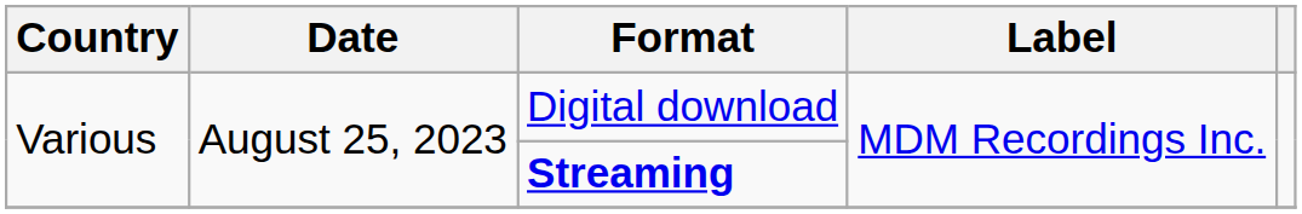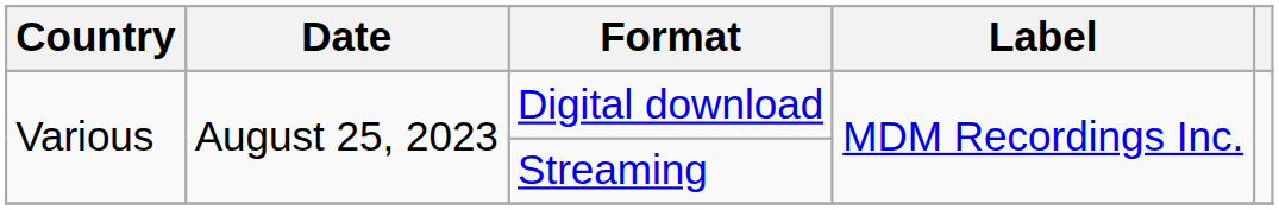 <table class="wikitable">
 <tr>
 <th>Country</th>
 <th>Date</th>
 <th>Format</th>
 <th>Label</th>
 <th></th>
 </tr>
 <tr>
 <td rowspan="2">Various</td>
 <td rowspan="2">August 25, 2023</td>
 <td><a href='#'>Digital download</a></td>
 <td rowspan="2"><a href='#'>MDM Recordings Inc.</a></td>
 <td rowspan="2"></td>
 </tr>
 <tr>
-<td><strong><a href='#'>Streaming</a></strong></td>
+<td><a href='#'>Streaming</a></td>
 </tr>
 <tr>
 </tr>
 </table>
